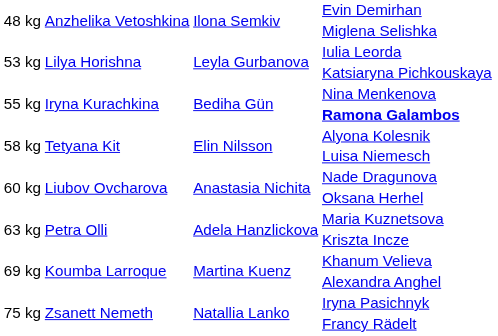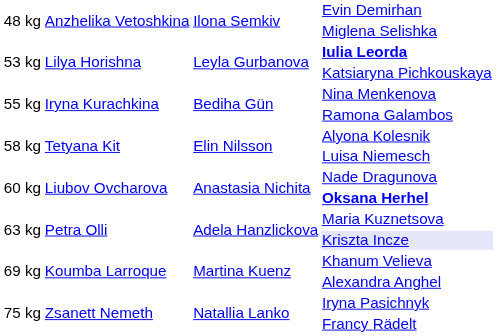 <table>
 <tr>
 <td rowspan=2>48 kg</td>
 <td rowspan=2> <a href='#'>Anzhelika Vetoshkina</a></td>
 <td rowspan=2> <a href='#'>Ilona Semkiv</a></td>
 <td> <a href='#'>Evin Demirhan</a></td>
 </tr>
 <tr>
 <td> <a href='#'>Miglena Selishka</a></td>
 </tr>
 <tr>
 <td rowspan=2>53 kg</td>
 <td rowspan=2> <a href='#'>Lilya Horishna</a></td>
 <td rowspan=2> <a href='#'>Leyla Gurbanova</a></td>
-<td> <a href='#'>Iulia Leorda</a></td>
+<td><strong> <a href='#'>Iulia Leorda</a></strong></td>
 </tr>
 <tr>
 <td> <a href='#'>Katsiaryna Pichkouskaya</a></td>
 </tr>
 <tr>
 <td rowspan=2>55 kg</td>
 <td rowspan=2> <a href='#'>Iryna Kurachkina</a></td>
 <td rowspan=2> <a href='#'>Bediha Gün</a></td>
 <td> <a href='#'>Nina Menkenova</a></td>
 </tr>
 <tr>
-<td><strong> <a href='#'>Ramona Galambos</a></strong></td>
+<td> <a href='#'>Ramona Galambos</a></td>
 </tr>
 <tr>
 <td rowspan=2>58 kg</td>
 <td rowspan=2> <a href='#'>Tetyana Kit</a></td>
 <td rowspan=2> <a href='#'>Elin Nilsson</a></td>
 <td> <a href='#'>Alyona Kolesnik</a></td>
 </tr>
 <tr>
 <td> <a href='#'>Luisa Niemesch</a></td>
 </tr>
 <tr>
 <td rowspan=2>60 kg</td>
 <td rowspan=2> <a href='#'>Liubov Ovcharova</a></td>
 <td rowspan=2> <a href='#'>Anastasia Nichita</a></td>
 <td> <a href='#'>Nade Dragunova</a></td>
 </tr>
 <tr>
-<td> <a href='#'>Oksana Herhel</a></td>
+<td><strong> <a href='#'>Oksana Herhel</a></strong></td>
 </tr>
 <tr>
 <td rowspan=2>63 kg</td>
 <td rowspan=2> <a href='#'>Petra Olli</a></td>
 <td rowspan=2> <a href='#'>Adela Hanzlickova</a></td>
 <td> <a href='#'>Maria Kuznetsova</a></td>
 </tr>
 <tr>
-<td> <a href='#'>Kriszta Incze</a></td>
+<td style="background: lavender;"> <a href='#'>Kriszta Incze</a></td>
 </tr>
 <tr>
 <td rowspan=2>69 kg</td>
 <td rowspan=2> <a href='#'>Koumba Larroque</a></td>
 <td rowspan=2> <a href='#'>Martina Kuenz</a></td>
 <td> <a href='#'>Khanum Velieva</a></td>
 </tr>
 <tr>
 <td> <a href='#'>Alexandra Anghel</a></td>
 </tr>
 <tr>
 <td rowspan=2>75 kg</td>
 <td rowspan=2> <a href='#'>Zsanett Nemeth</a></td>
 <td rowspan=2> <a href='#'>Natallia Lanko</a></td>
 <td> <a href='#'>Iryna Pasichnyk</a></td>
 </tr>
 <tr>
 <td> <a href='#'>Francy Rädelt</a></td>
 </tr>
 </table>
